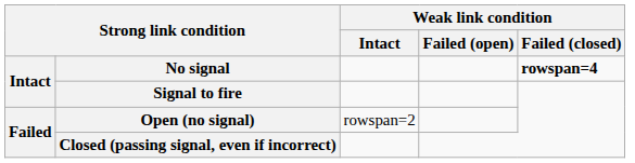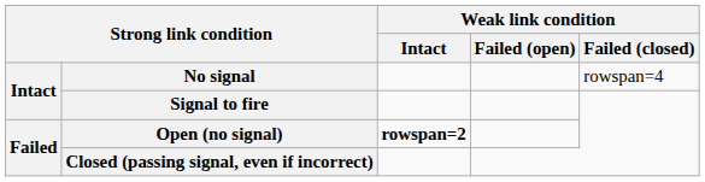 <table class="wikitable">
 <tr>
 <th rowspan=2 colspan=2>Strong link condition</th>
 <th colspan=3>Weak link condition</th>
 </tr>
 <tr>
 <th>Intact</th>
 <th>Failed (open)</th>
 <th>Failed (closed)</th>
 </tr>
 <tr>
 <th rowspan=2>Intact</th>
 <th>No signal</th>
 <td></td>
 <td></td>
-<td><strong>rowspan=4 </strong></td>
+<td>rowspan=4 </td>
 </tr>
 <tr>
 <th>Signal to fire</th>
 <td></td>
 <td></td>
 </tr>
 <tr>
 <th rowspan=2>Failed</th>
 <th>Open (no signal)</th>
-<td>rowspan=2 </td>
+<td><strong>rowspan=2 </strong></td>
 <td></td>
 </tr>
 <tr>
 <th>Closed (passing signal, even if incorrect)</th>
 <td></td>
 </tr>
 </table>
